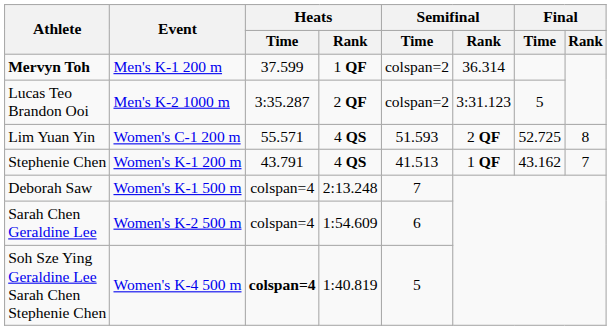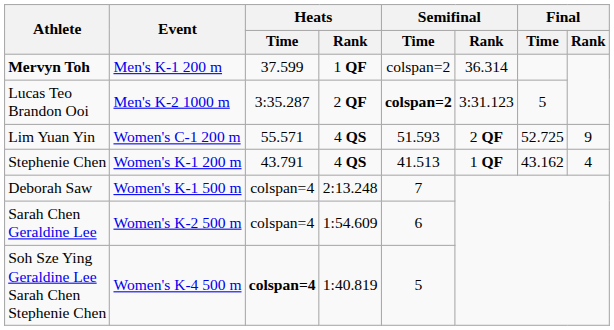 <table class=wikitable style=font-size:90%;text-align:center>
 <tr>
 <th rowspan=2>Athlete</th>
 <th rowspan=2>Event</th>
 <th colspan=2>Heats</th>
 <th colspan=2>Semifinal</th>
 <th colspan=2>Final</th>
 </tr>
 <tr style="font-size:95%">
 <th>Time</th>
 <th>Rank</th>
 <th>Time</th>
 <th>Rank</th>
 <th>Time</th>
 <th>Rank</th>
 </tr>
 <tr>
 <td align=left><strong>Mervyn Toh</strong></td>
 <td align=left><a href='#'>Men's K-1 200 m</a></td>
 <td>37.599</td>
 <td>1 <strong>QF</strong></td>
 <td>colspan=2 </td>
 <td>36.314</td>
 <td></td>
 </tr>
 <tr>
 <td align=left>Lucas Teo<br>Brandon Ooi</td>
 <td align=left><a href='#'>Men's K-2 1000 m</a></td>
 <td>3:35.287</td>
 <td>2 <strong>QF</strong></td>
-<td>colspan=2 </td>
+<td><strong>colspan=2 </strong></td>
 <td>3:31.123</td>
 <td>5</td>
 </tr>
 <tr>
 <td align=left>Lim Yuan Yin</td>
 <td align=left><a href='#'>Women's C-1 200 m</a></td>
 <td>55.571</td>
 <td>4 <strong>QS</strong></td>
 <td>51.593</td>
 <td>2 <strong>QF</strong></td>
 <td>52.725</td>
-<td>8</td>
+<td>9</td>
 </tr>
 <tr>
 <td align=left>Stephenie Chen</td>
 <td align=left><a href='#'>Women's K-1 200 m</a></td>
 <td>43.791</td>
 <td>4 <strong>QS</strong></td>
 <td>41.513</td>
 <td>1 <strong>QF</strong></td>
 <td>43.162</td>
-<td>7</td>
+<td>4</td>
 </tr>
 <tr>
 <td align=left>Deborah Saw</td>
 <td align=left><a href='#'>Women's K-1 500 m</a></td>
 <td>colspan=4 </td>
 <td>2:13.248</td>
 <td>7</td>
 </tr>
 <tr>
 <td align=left>Sarah Chen<br><a href='#'>Geraldine Lee</a></td>
 <td align=left><a href='#'>Women's K-2 500 m</a></td>
 <td>colspan=4 </td>
 <td>1:54.609</td>
 <td>6</td>
 </tr>
 <tr>
 <td align=left>Soh Sze Ying<br><a href='#'>Geraldine Lee</a><br>Sarah Chen<br>Stephenie Chen</td>
 <td align=left><a href='#'>Women's K-4 500 m</a></td>
 <td><strong>colspan=4 </strong></td>
 <td>1:40.819</td>
 <td>5</td>
 </tr>
 </table>
